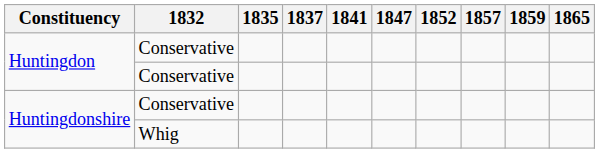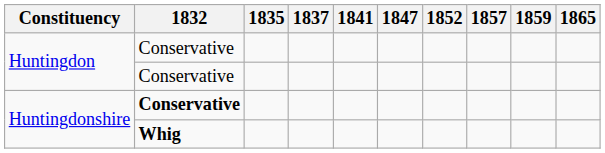 <table class=wikitable sortable>
 <tr>
 <th>Constituency</th>
 <th>1832</th>
 <th>1835</th>
 <th>1837</th>
 <th>1841</th>
 <th>1847</th>
 <th>1852</th>
 <th>1857</th>
 <th>1859</th>
 <th>1865</th>
 </tr>
 <tr>
 <td rowspan=2><a href='#'>Huntingdon</a></td>
 <td bgcolor=>Conservative</td>
 <td></td>
 <td></td>
 <td></td>
 <td></td>
 <td></td>
 <td></td>
 <td></td>
 <td></td>
 </tr>
 <tr>
 <td bgcolor=>Conservative</td>
 <td></td>
 <td></td>
 <td></td>
 <td></td>
 <td></td>
 <td></td>
 <td></td>
 <td></td>
 </tr>
 <tr>
 <td rowspan=2><a href='#'>Huntingdonshire</a></td>
-<td bgcolor=>Conservative</td>
+<td bgcolor=><strong>Conservative</strong></td>
 <td></td>
 <td></td>
 <td></td>
 <td></td>
 <td></td>
 <td></td>
 <td></td>
 <td></td>
 </tr>
 <tr>
-<td bgcolor=>Whig</td>
+<td bgcolor=><strong>Whig</strong></td>
 <td></td>
 <td></td>
 <td></td>
 <td></td>
 <td></td>
 <td></td>
 <td></td>
 <td></td>
 </tr>
 </table>
